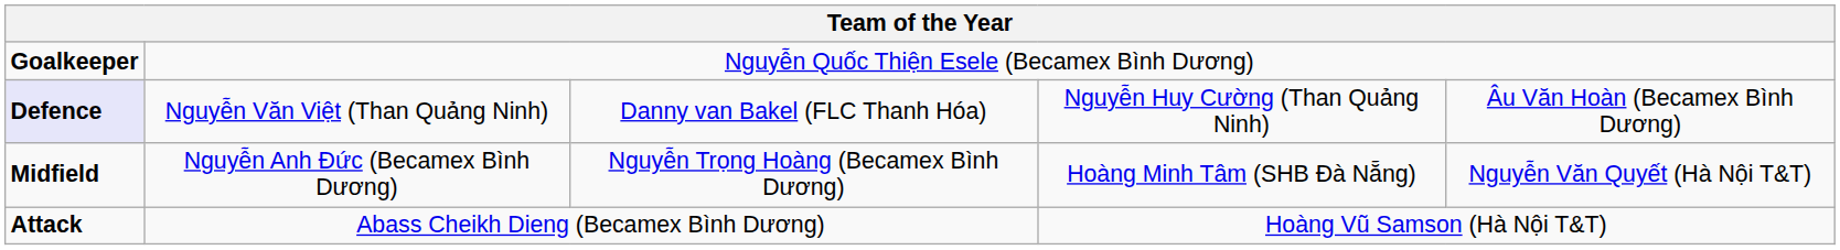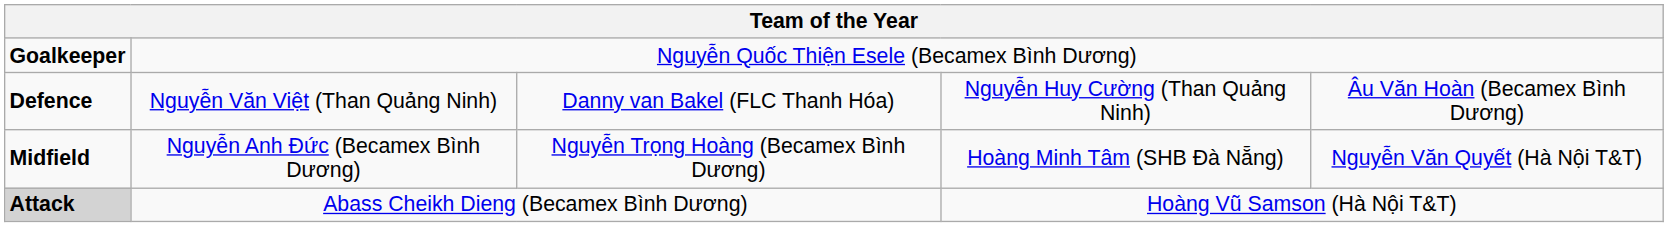 <table class="wikitable">
 <tr>
 <th colspan="13">Team of the Year</th>
 </tr>
 <tr>
 <td><strong>Goalkeeper</strong></td>
 <td colspan="12" align="center"> <a href='#'>Nguyễn Quốc Thiện Esele</a> (Becamex Bình Dương)</td>
 </tr>
 <tr>
-<td style="background: lavender;"><strong>Defence</strong></td>
+<td><strong>Defence</strong></td>
 <td colspan="3" align="center"> <a href='#'>Nguyễn Văn Việt</a> (Than Quảng Ninh)</td>
 <td colspan="3" align="center"> <a href='#'>Danny van Bakel</a> (FLC Thanh Hóa)</td>
 <td colspan="3" align="center"> <a href='#'>Nguyễn Huy Cường</a> (Than Quảng Ninh)</td>
 <td colspan="3" align="center"> <a href='#'>Âu Văn Hoàn</a> (Becamex Bình Dương)</td>
 </tr>
 <tr>
 <td><strong>Midfield</strong></td>
 <td colspan="3" align="center"> <a href='#'>Nguyễn Anh Đức</a> (Becamex Bình Dương)</td>
 <td colspan="3" align="center"> <a href='#'>Nguyễn Trọng Hoàng</a> (Becamex Bình Dương)</td>
 <td colspan="3" align="center"> <a href='#'>Hoàng Minh Tâm</a> (SHB Đà Nẵng)</td>
 <td colspan="3" align="center"> <a href='#'>Nguyễn Văn Quyết</a> (Hà Nội T&T)</td>
 </tr>
 <tr>
-<td><strong>Attack</strong></td>
+<td style="background: lightgrey;"><strong>Attack</strong></td>
 <td colspan="6" align="center"> <a href='#'>Abass Cheikh Dieng</a> (Becamex Bình Dương)</td>
 <td colspan="6" align="center"> <a href='#'>Hoàng Vũ Samson</a> (Hà Nội T&T)</td>
 </tr>
 </table>
